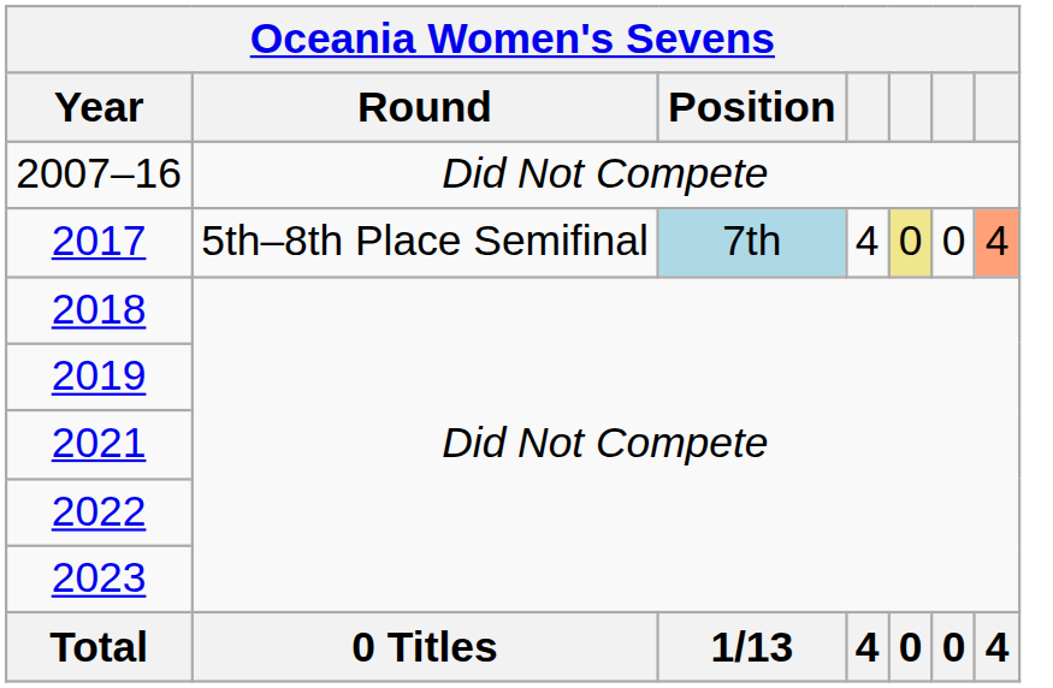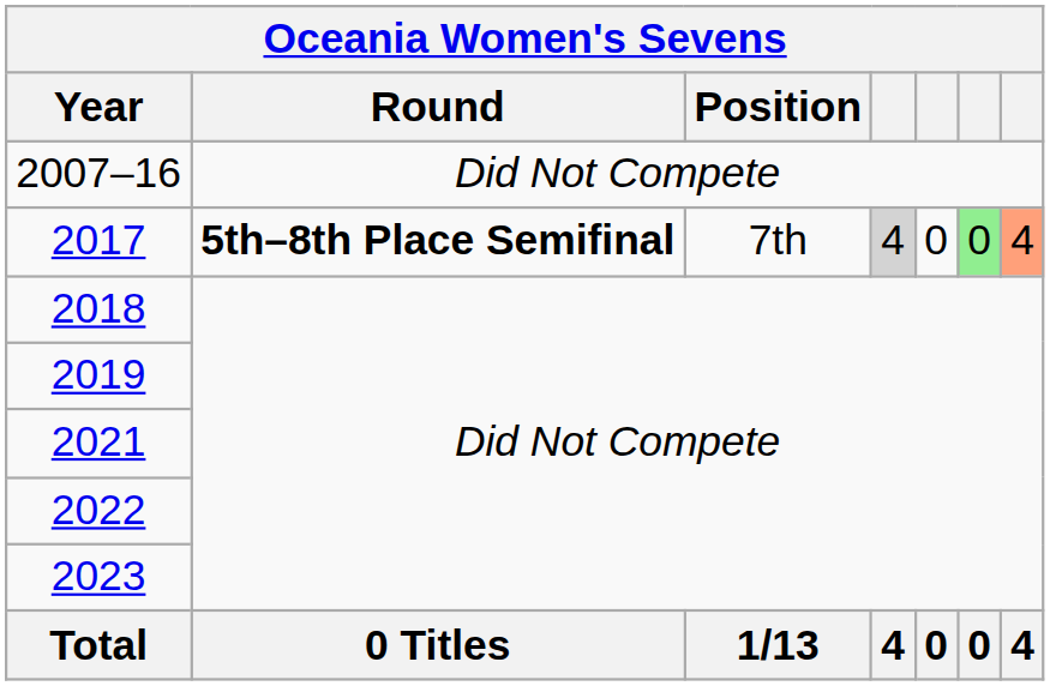 <table class="wikitable" style="text-align: center;">
 <tr>
 <th colspan="7"><a href='#'>Oceania Women's Sevens</a></th>
 </tr>
 <tr>
 <th>Year</th>
 <th>Round</th>
 <th>Position</th>
 <th></th>
 <th></th>
 <th></th>
 <th></th>
 </tr>
 <tr>
 <td>2007–16</td>
 <td colspan="6"><em>Did Not Compete</em></td>
 </tr>
 <tr>
 <td> <a href='#'>2017</a></td>
-<td>5th–8th Place Semifinal</td>
-<td style="background: lightblue;">7th</td>
-<td>4</td>
-<td style="background: khaki;">0</td>
+<td><strong>5th–8th Place Semifinal</strong></td>
+<td>7th</td>
+<td style="background: lightgrey;">4</td>
 <td>0</td>
+<td style="background: lightgreen;">0</td>
 <td style="background: lightsalmon;">4</td>
 </tr>
 <tr>
 <td> <a href='#'>2018</a></td>
 <td colspan="6" rowspan="5"><em>Did Not Compete</em></td>
 </tr>
 <tr>
 <td> <a href='#'>2019</a></td>
 </tr>
 <tr>
 <td> <a href='#'>2021</a></td>
 </tr>
 <tr>
 <td> <a href='#'>2022</a></td>
 </tr>
 <tr>
 <td> <a href='#'>2023</a></td>
 </tr>
 <tr>
 <th>Total</th>
 <th>0 Titles</th>
 <th>1/13</th>
 <th>4</th>
 <th>0</th>
 <th>0</th>
 <th>4</th>
 </tr>
 </table>
